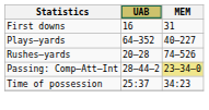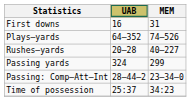 <table class="wikitable" style="float: left;">
 <tr>
 <th>Statistics</th>
 <th style="background-color:#CDC26C;color:#000000;box-shadow: inset 2px 2px 0 #1E6B52, inset -2px -2px 0 #1E6B52">UAB</th>
 <th>MEM</th>
 </tr>
 <tr>
 <td>First downs</td>
 <td>16</td>
 <td>31</td>
 </tr>
 <tr>
 <td>Plays–yards</td>
 <td>64–352</td>
-<td>40–227</td>
+<td>74–526</td>
 </tr>
 <tr>
 <td>Rushes–yards</td>
 <td>20–28</td>
-<td>74–526</td>
+<td>40–227</td>
+</tr>
+<tr>
+<td>Passing yards</td>
+<td>324</td>
+<td>299</td>
 </tr>
 <tr>
 <td>Passing: Comp–Att–Int</td>
 <td>28–44–2</td>
-<td style="background: khaki;">23–34–0</td>
+<td>23–34–0</td>
 </tr>
 <tr>
 <td>Time of possession</td>
 <td>25:37</td>
 <td>34:23</td>
 </tr>
 <tr>
 </tr>
 </table>
